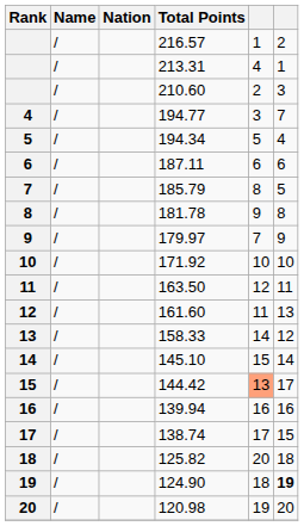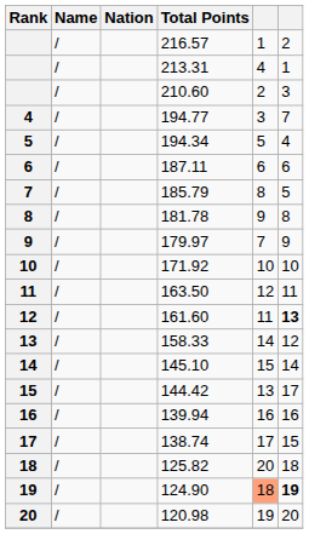 <table class="wikitable sortable">
 <tr>
 <th>Rank</th>
 <th>Name</th>
 <th>Nation</th>
 <th>Total Points</th>
 <th></th>
 <th></th>
 </tr>
 <tr>
 <th></th>
 <td> / </td>
 <td></td>
 <td>216.57</td>
 <td>1</td>
 <td>2</td>
 </tr>
 <tr>
 <th></th>
 <td> / </td>
 <td></td>
 <td>213.31</td>
 <td>4</td>
 <td>1</td>
 </tr>
 <tr>
 <th></th>
 <td> / </td>
 <td></td>
 <td>210.60</td>
 <td>2</td>
 <td>3</td>
 </tr>
 <tr>
 <th>4</th>
 <td> / </td>
 <td></td>
 <td>194.77</td>
 <td>3</td>
 <td>7</td>
 </tr>
 <tr>
 <th>5</th>
 <td> / </td>
 <td></td>
 <td>194.34</td>
 <td>5</td>
 <td>4</td>
 </tr>
 <tr>
 <th>6</th>
 <td> / </td>
 <td></td>
 <td>187.11</td>
 <td>6</td>
 <td>6</td>
 </tr>
 <tr>
 <th>7</th>
 <td> / </td>
 <td></td>
 <td>185.79</td>
 <td>8</td>
 <td>5</td>
 </tr>
 <tr>
 <th>8</th>
 <td> / </td>
 <td></td>
 <td>181.78</td>
 <td>9</td>
 <td>8</td>
 </tr>
 <tr>
 <th>9</th>
 <td> / </td>
 <td></td>
 <td>179.97</td>
 <td>7</td>
 <td>9</td>
 </tr>
 <tr>
 <th>10</th>
 <td> / </td>
 <td></td>
 <td>171.92</td>
 <td>10</td>
 <td>10</td>
 </tr>
 <tr>
 <th>11</th>
 <td> / </td>
 <td></td>
 <td>163.50</td>
 <td>12</td>
 <td>11</td>
 </tr>
 <tr>
 <th>12</th>
 <td> / </td>
 <td></td>
 <td>161.60</td>
 <td>11</td>
-<td>13</td>
+<td><strong>13</strong></td>
 </tr>
 <tr>
 <th>13</th>
 <td> / </td>
 <td></td>
 <td>158.33</td>
 <td>14</td>
 <td>12</td>
 </tr>
 <tr>
 <th>14</th>
 <td> / </td>
 <td></td>
 <td>145.10</td>
 <td>15</td>
 <td>14</td>
 </tr>
 <tr>
 <th>15</th>
 <td> / </td>
 <td></td>
 <td>144.42</td>
-<td style="background: lightsalmon;">13</td>
+<td>13</td>
 <td>17</td>
 </tr>
 <tr>
 <th>16</th>
 <td> / </td>
 <td></td>
 <td>139.94</td>
 <td>16</td>
 <td>16</td>
 </tr>
 <tr>
 <th>17</th>
 <td> / </td>
 <td></td>
 <td>138.74</td>
 <td>17</td>
 <td>15</td>
 </tr>
 <tr>
 <th>18</th>
 <td> / </td>
 <td></td>
 <td>125.82</td>
 <td>20</td>
 <td>18</td>
 </tr>
 <tr>
 <th>19</th>
 <td> / </td>
 <td></td>
 <td>124.90</td>
-<td>18</td>
+<td style="background: lightsalmon;">18</td>
 <td><strong>19</strong></td>
 </tr>
 <tr>
 <th>20</th>
 <td> / </td>
 <td></td>
 <td>120.98</td>
 <td>19</td>
 <td>20</td>
 </tr>
 <tr>
 </tr>
 </table>
